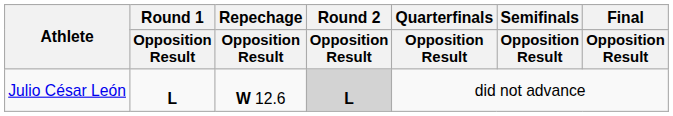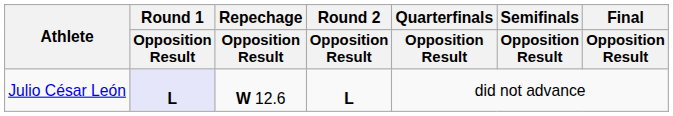 <table class="wikitable" border="1" style="font-size:90%">
 <tr>
 <th rowspan="2">Athlete</th>
 <th>Round 1</th>
 <th>Repechage</th>
 <th>Round 2</th>
 <th>Quarterfinals</th>
 <th>Semifinals</th>
 <th>Final</th>
 </tr>
 <tr style="font-size:95%">
 <th>Opposition<br>Result</th>
 <th>Opposition<br>Result</th>
 <th>Opposition<br>Result</th>
 <th>Opposition<br>Result</th>
 <th>Opposition<br>Result</th>
 <th>Opposition<br>Result</th>
 </tr>
 <tr align=center>
 <td align=left><a href='#'>Julio César León</a></td>
+<td style="background: lavender;"> <br> <strong>L</strong></td>
+<td> <br> <strong>W</strong> 12.6</td>
 <td> <br> <strong>L</strong></td>
-<td> <br> <strong>W</strong> 12.6</td>
-<td style="background: lightgrey;"> <br> <strong>L</strong></td>
 <td colspan=3>did not advance</td>
 </tr>
 </table>
